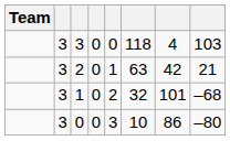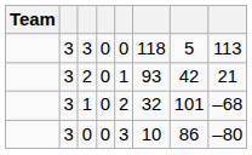 <table class="wikitable" style="text-align: center;">
 <tr>
 <th>Team</th>
 <th></th>
 <th></th>
 <th></th>
 <th></th>
 <th></th>
 <th></th>
 <th></th>
 </tr>
 <tr>
 <td align="left"></td>
 <td>3</td>
 <td>3</td>
 <td>0</td>
 <td>0</td>
 <td>118</td>
-<td>4</td>
-<td>103</td>
+<td>5</td>
+<td>113</td>
 </tr>
 <tr>
 <td align="left"></td>
 <td>3</td>
 <td>2</td>
 <td>0</td>
 <td>1</td>
-<td>63</td>
+<td>93</td>
 <td>42</td>
 <td>21</td>
 </tr>
 <tr>
 <td align="left"></td>
 <td>3</td>
 <td>1</td>
 <td>0</td>
 <td>2</td>
 <td>32</td>
 <td>101</td>
 <td>–68</td>
 </tr>
 <tr>
 <td align="left"></td>
 <td>3</td>
 <td>0</td>
 <td>0</td>
 <td>3</td>
 <td>10</td>
 <td>86</td>
 <td>–80</td>
 </tr>
 </table>
